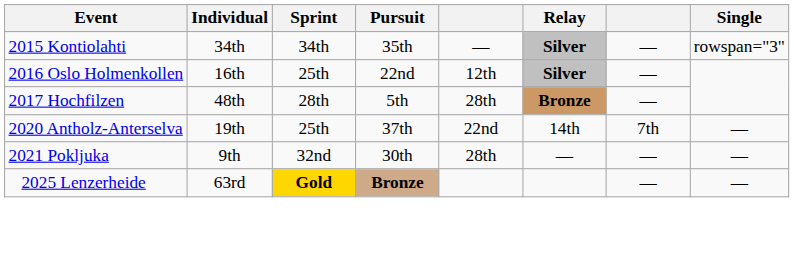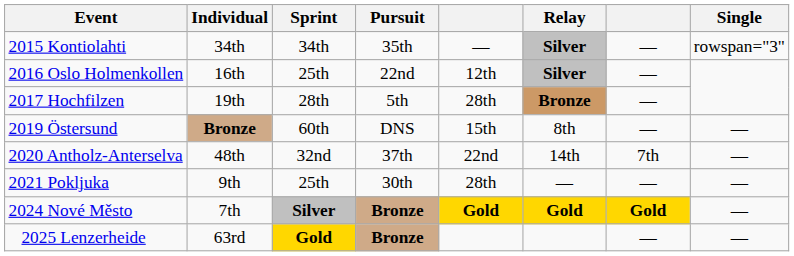 <table class="wikitable" style="text-align: center;">
 <tr>
 <th>Event</th>
 <th style="width:70px;">Individual</th>
 <th style="width:70px;">Sprint</th>
 <th style="width:70px;">Pursuit</th>
 <th style="width:70px;"></th>
 <th style="width:70px;">Relay</th>
 <th style="width:70px;"></th>
 <th style="width:70px;">Single </th>
 </tr>
 <tr>
 <td align=left> <a href='#'>2015 Kontiolahti</a></td>
 <td>34th</td>
 <td>34th</td>
 <td>35th</td>
 <td>—</td>
 <td style="background:silver;"><strong>Silver</strong></td>
 <td>—</td>
 <td>rowspan="3" </td>
 </tr>
 <tr>
 <td align=left> <a href='#'>2016 Oslo Holmenkollen</a></td>
 <td>16th</td>
 <td>25th</td>
 <td>22nd</td>
 <td>12th</td>
 <td style="background:silver;"><strong>Silver</strong></td>
 <td>—</td>
 </tr>
 <tr>
 <td align=left> <a href='#'>2017 Hochfilzen</a></td>
-<td>48th</td>
+<td>19th</td>
 <td>28th</td>
 <td>5th</td>
 <td>28th</td>
 <td style="background:#CC9966;"><strong>Bronze</strong></td>
 <td>—</td>
 </tr>
 <tr>
+<td align=left> <a href='#'>2019 Östersund</a></td>
+<td style="background:#cfaa88;"><strong>Bronze</strong></td>
+<td>60th</td>
+<td>DNS</td>
+<td>15th</td>
+<td>8th</td>
+<td>—</td>
+<td>—</td>
+</tr>
+<tr>
 <td align=left> <a href='#'>2020 Antholz-Anterselva</a></td>
-<td>19th</td>
-<td>25th</td>
+<td>48th</td>
+<td>32nd</td>
 <td>37th</td>
 <td>22nd</td>
 <td>14th</td>
 <td>7th</td>
 <td>—</td>
 </tr>
 <tr>
 <td align=left> <a href='#'>2021 Pokljuka</a></td>
 <td>9th</td>
-<td>32nd</td>
+<td>25th</td>
 <td>30th</td>
 <td>28th</td>
 <td>—</td>
 <td>—</td>
+<td>—</td>
+</tr>
+<tr>
+<td align=left> <a href='#'>2024 Nové Město</a></td>
+<td>7th</td>
+<td style="background:silver;"><strong>Silver</strong></td>
+<td style="background:#cfaa88;"><strong>Bronze</strong></td>
+<td style="background:gold;"><strong>Gold</strong></td>
+<td style="background:gold;"><strong>Gold</strong></td>
+<td style="background:gold;"><strong>Gold</strong></td>
 <td>—</td>
 </tr>
 <tr>
 <td align=left>   <a href='#'>2025 Lenzerheide</a></td>
 <td>63rd</td>
 <td style="background:gold;"><strong>Gold</strong></td>
 <td style="background:#cfaa88;"><strong>Bronze</strong></td>
 <td></td>
 <td></td>
 <td>—</td>
 <td>—</td>
 </tr>
 </table>
